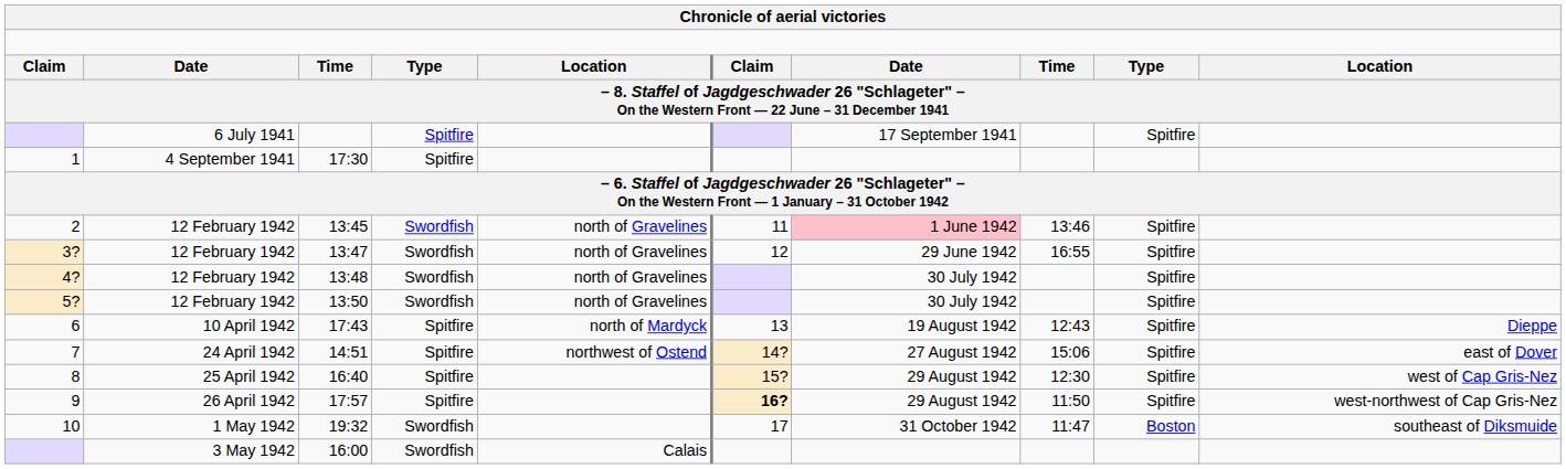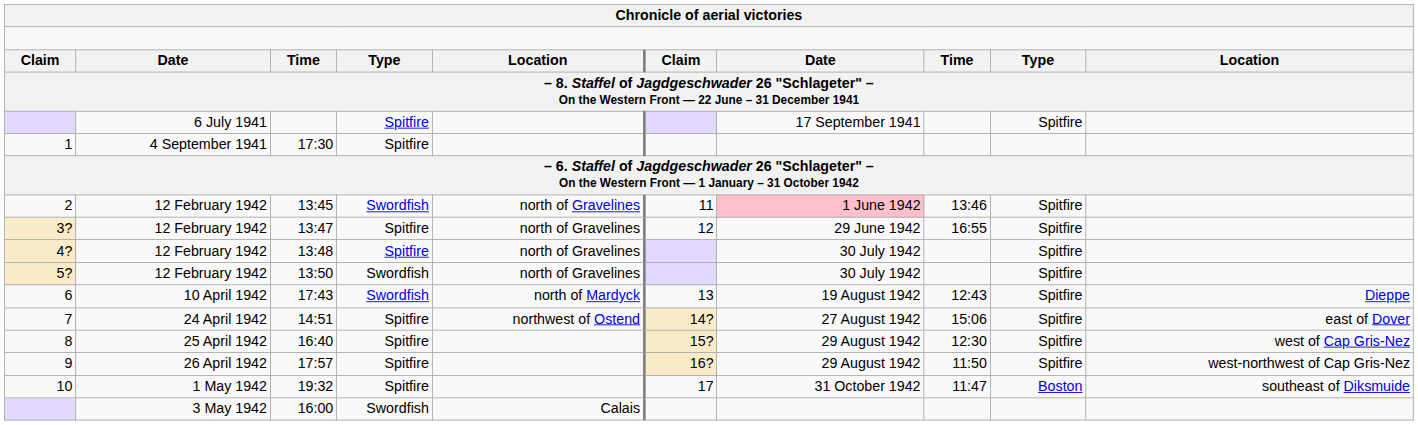 <table class="wikitable plainrowheaders collapsible" style="margin-left: auto; margin-right: auto; border: none; text-align:right; width: 100%;">
 <tr>
 <th colspan="10">Chronicle of aerial victories</th>
 </tr>
 <tr>
 <td colspan="10" style="text-align: left;"><br> </td>
 </tr>
 <tr>
 <th scope="col">Claim</th>
 <th scope="col">Date</th>
 <th scope="col">Time</th>
 <th scope="col" width="100px">Type</th>
 <th scope="col">Location</th>
 <th scope="col" style="border-left: 3px solid grey;">Claim</th>
 <th scope="col">Date</th>
 <th scope="col">Time</th>
 <th scope="col" width="100px">Type</th>
 <th scope="col">Location</th>
 </tr>
 <tr>
 <th colspan="10">– 8. <em>Staffel</em> of <em>Jagdgeschwader</em> 26 "Schlageter" –<br><small>On the Western Front — 22 June – 31 December 1941</small></th>
 </tr>
 <tr>
 <td style="background:#e3d9ff;"></td>
 <td>6 July 1941</td>
 <td></td>
 <td><a href='#'>Spitfire</a></td>
 <td></td>
 <td style="border-left: 3px solid grey; background:#e3d9ff;"></td>
 <td>17 September 1941</td>
 <td></td>
 <td>Spitfire</td>
 <td></td>
 </tr>
 <tr>
 <td>1</td>
 <td>4 September 1941</td>
 <td>17:30</td>
 <td>Spitfire</td>
 <td></td>
 <td style="border-left: 3px solid grey;"></td>
 <td></td>
 <td></td>
 <td></td>
 <td></td>
 </tr>
 <tr>
 <th colspan="10">– 6. <em>Staffel</em> of <em>Jagdgeschwader</em> 26 "Schlageter" –<br><small>On the Western Front — 1 January – 31 October 1942</small></th>
 </tr>
 <tr>
 <td>2</td>
 <td>12 February 1942</td>
 <td>13:45</td>
 <td><a href='#'>Swordfish</a></td>
 <td>north of <a href='#'>Gravelines</a></td>
 <td style="border-left: 3px solid grey;">11</td>
 <td style="background: pink;">1 June 1942</td>
 <td>13:46</td>
 <td>Spitfire</td>
 <td></td>
 </tr>
 <tr>
 <td style="background:#faecc8">3?</td>
 <td>12 February 1942</td>
 <td>13:47</td>
-<td>Swordfish</td>
+<td>Spitfire</td>
 <td> north of Gravelines</td>
 <td style="border-left: 3px solid grey;">12</td>
 <td>29 June 1942</td>
 <td>16:55</td>
 <td>Spitfire</td>
 <td></td>
 </tr>
 <tr>
 <td style="background:#faecc8">4?</td>
 <td>12 February 1942</td>
 <td>13:48</td>
-<td>Swordfish</td>
+<td><a href='#'>Spitfire</a></td>
 <td>north of Gravelines</td>
 <td style="border-left: 3px solid grey; background:#e3d9ff;"></td>
 <td>30 July 1942</td>
 <td></td>
 <td>Spitfire</td>
 <td></td>
 </tr>
 <tr>
 <td style="background:#faecc8">5?</td>
 <td>12 February 1942</td>
 <td>13:50</td>
 <td>Swordfish</td>
 <td> north of Gravelines</td>
 <td style="border-left: 3px solid grey; background:#e3d9ff;"></td>
 <td>30 July 1942</td>
 <td></td>
 <td>Spitfire</td>
 <td></td>
 </tr>
 <tr>
 <td>6</td>
 <td>10 April 1942</td>
 <td>17:43</td>
-<td>Spitfire</td>
+<td><a href='#'>Swordfish</a></td>
 <td> north of <a href='#'>Mardyck</a></td>
 <td style="border-left: 3px solid grey;">13</td>
 <td>19 August 1942</td>
 <td>12:43</td>
 <td>Spitfire</td>
 <td><a href='#'>Dieppe</a></td>
 </tr>
 <tr>
 <td>7</td>
 <td>24 April 1942</td>
 <td>14:51</td>
 <td>Spitfire</td>
 <td>northwest of <a href='#'>Ostend</a></td>
 <td style="border-left: 3px solid grey; background:#faecc8">14?</td>
 <td>27 August 1942</td>
 <td>15:06</td>
 <td>Spitfire</td>
 <td> east of <a href='#'>Dover</a></td>
 </tr>
 <tr>
 <td>8</td>
 <td>25 April 1942</td>
 <td>16:40</td>
 <td>Spitfire</td>
 <td></td>
 <td style="border-left: 3px solid grey; background:#faecc8">15?</td>
 <td>29 August 1942</td>
 <td>12:30</td>
 <td>Spitfire</td>
 <td> west of <a href='#'>Cap Gris-Nez</a></td>
 </tr>
 <tr>
 <td>9</td>
 <td>26 April 1942</td>
 <td>17:57</td>
 <td>Spitfire</td>
 <td></td>
-<td style="border-left: 3px solid grey; background:#faecc8"><strong>16?</strong></td>
+<td style="border-left: 3px solid grey; background:#faecc8">16?</td>
 <td>29 August 1942</td>
 <td>11:50</td>
 <td>Spitfire</td>
 <td> west-northwest of Cap Gris-Nez</td>
 </tr>
 <tr>
 <td>10</td>
 <td>1 May 1942</td>
 <td>19:32</td>
-<td>Swordfish</td>
+<td>Spitfire</td>
 <td></td>
 <td style="border-left: 3px solid grey;">17</td>
 <td>31 October 1942</td>
 <td>11:47</td>
 <td><a href='#'>Boston</a></td>
 <td> southeast of <a href='#'>Diksmuide</a></td>
 </tr>
 <tr>
 <td style="background:#e3d9ff;"></td>
 <td>3 May 1942</td>
 <td>16:00</td>
 <td>Swordfish</td>
 <td>Calais</td>
 <td style="border-left: 3px solid grey;"></td>
 <td></td>
 <td></td>
 <td></td>
 <td></td>
 </tr>
 </table>
